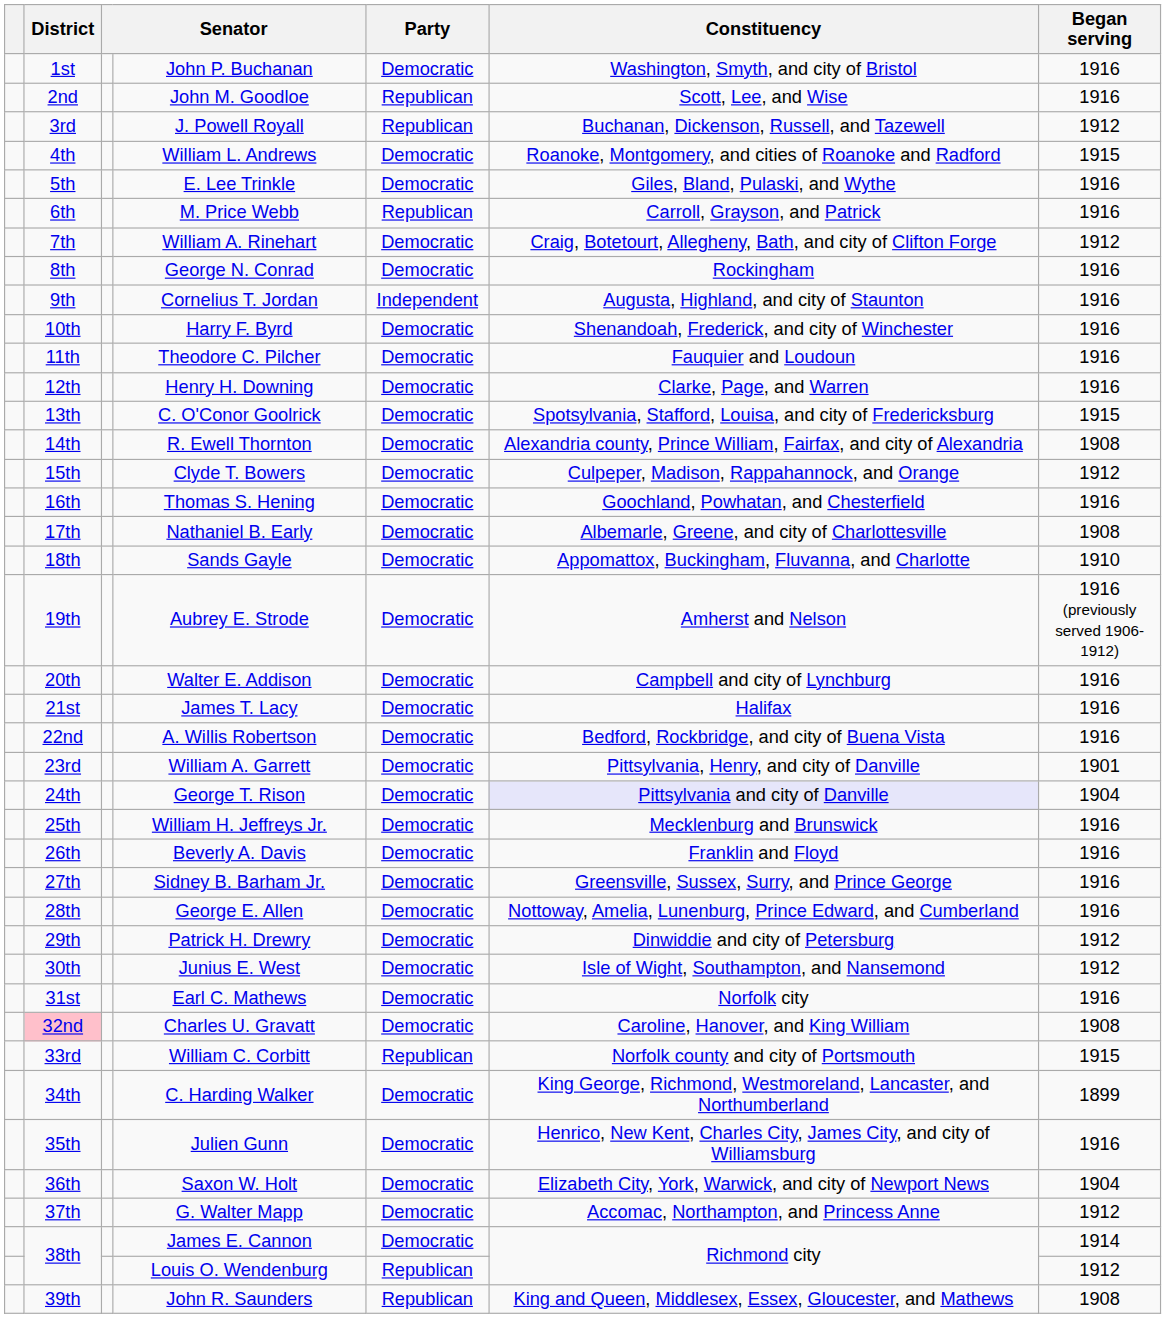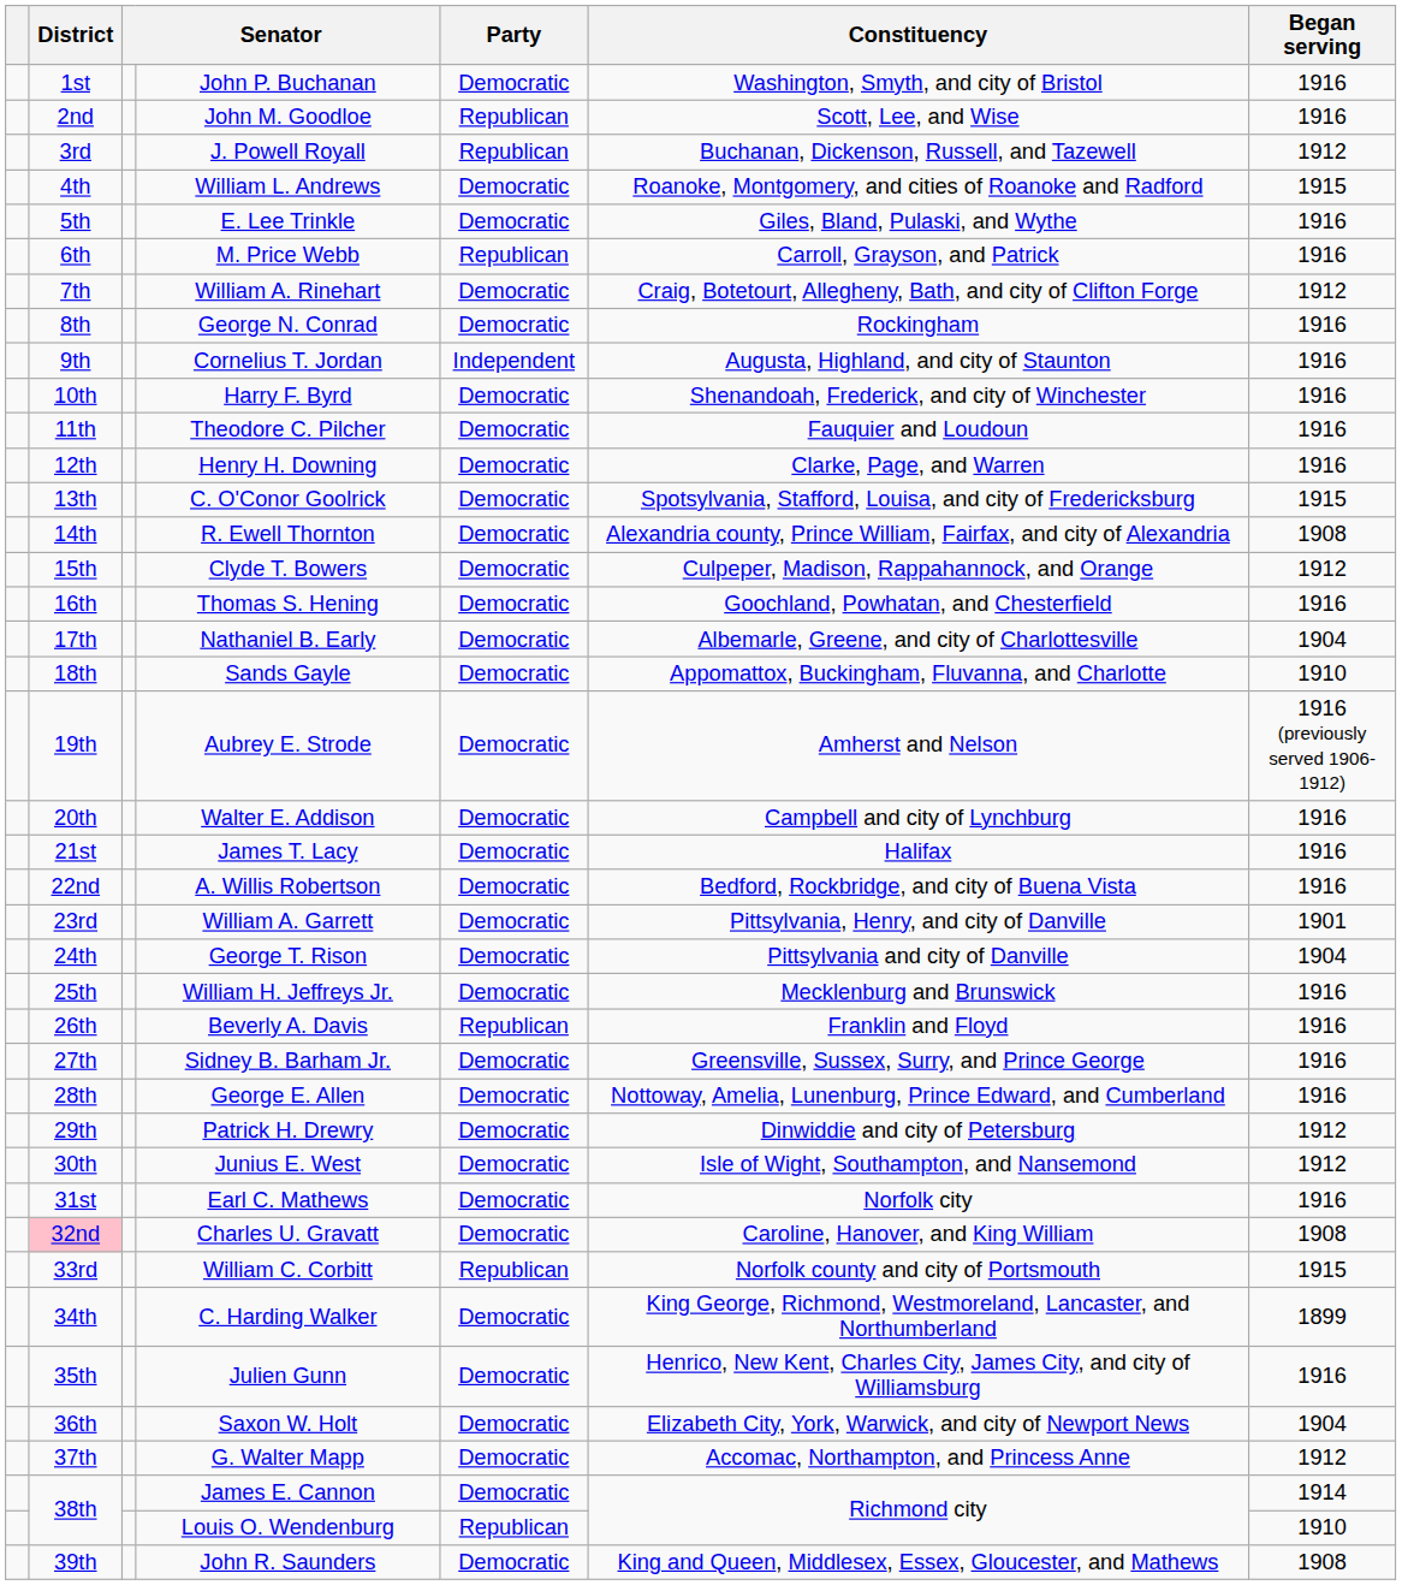 <table class="wikitable" style="text-align:center">
 <tr>
 <th width="10px"></th>
 <th width="60px">District</th>
 <th colspan=2 width="225px">Senator</th>
 <th width="100px">Party</th>
 <th width="475px">Constituency</th>
 <th width="100px">Began serving</th>
 </tr>
 <tr>
 <td style="background-color:"></td>
 <td><a href='#'>1st</a></td>
 <td></td>
 <td><a href='#'>John P. Buchanan</a></td>
 <td><a href='#'>Democratic</a></td>
 <td><a href='#'>Washington</a>, <a href='#'>Smyth</a>, and city of <a href='#'>Bristol</a></td>
 <td>1916</td>
 </tr>
 <tr>
 <td style="background-color:"></td>
 <td><a href='#'>2nd</a></td>
 <td></td>
 <td><a href='#'>John M. Goodloe</a></td>
 <td><a href='#'>Republican</a></td>
 <td><a href='#'>Scott</a>, <a href='#'>Lee</a>, and <a href='#'>Wise</a></td>
 <td>1916</td>
 </tr>
 <tr>
 <td style="background-color:"></td>
 <td><a href='#'>3rd</a></td>
 <td></td>
 <td><a href='#'>J. Powell Royall</a></td>
 <td><a href='#'>Republican</a></td>
 <td><a href='#'>Buchanan</a>, <a href='#'>Dickenson</a>, <a href='#'>Russell</a>, and <a href='#'>Tazewell</a></td>
 <td>1912</td>
 </tr>
 <tr>
 <td style="background-color:"></td>
 <td><a href='#'>4th</a></td>
 <td></td>
 <td><a href='#'>William L. Andrews</a></td>
 <td><a href='#'>Democratic</a></td>
 <td><a href='#'>Roanoke</a>, <a href='#'>Montgomery</a>, and cities of <a href='#'>Roanoke</a> and <a href='#'>Radford</a></td>
 <td>1915</td>
 </tr>
 <tr>
 <td style="background-color:"></td>
 <td><a href='#'>5th</a></td>
 <td></td>
 <td><a href='#'>E. Lee Trinkle</a></td>
 <td><a href='#'>Democratic</a></td>
 <td><a href='#'>Giles</a>, <a href='#'>Bland</a>, <a href='#'>Pulaski</a>, and <a href='#'>Wythe</a></td>
 <td>1916</td>
 </tr>
 <tr>
 <td style="background-color:"></td>
 <td><a href='#'>6th</a></td>
 <td></td>
 <td><a href='#'>M. Price Webb</a></td>
 <td><a href='#'>Republican</a></td>
 <td><a href='#'>Carroll</a>, <a href='#'>Grayson</a>, and <a href='#'>Patrick</a></td>
 <td>1916</td>
 </tr>
 <tr>
 <td style="background-color:"></td>
 <td><a href='#'>7th</a></td>
 <td></td>
 <td><a href='#'>William A. Rinehart</a></td>
 <td><a href='#'>Democratic</a></td>
 <td><a href='#'>Craig</a>, <a href='#'>Botetourt</a>, <a href='#'>Allegheny</a>, <a href='#'>Bath</a>, and city of <a href='#'>Clifton Forge</a></td>
 <td>1912</td>
 </tr>
 <tr>
 <td style="background-color:"></td>
 <td><a href='#'>8th</a></td>
 <td></td>
 <td><a href='#'>George N. Conrad</a></td>
 <td><a href='#'>Democratic</a></td>
 <td><a href='#'>Rockingham</a></td>
 <td>1916</td>
 </tr>
 <tr>
 <td style="background-color:"></td>
 <td><a href='#'>9th</a></td>
 <td></td>
 <td><a href='#'>Cornelius T. Jordan</a></td>
 <td><a href='#'>Independent</a></td>
 <td><a href='#'>Augusta</a>, <a href='#'>Highland</a>, and city of <a href='#'>Staunton</a></td>
 <td>1916</td>
 </tr>
 <tr>
 <td style="background-color:"></td>
 <td><a href='#'>10th</a></td>
 <td></td>
 <td><a href='#'>Harry F. Byrd</a></td>
 <td><a href='#'>Democratic</a></td>
 <td><a href='#'>Shenandoah</a>, <a href='#'>Frederick</a>, and city of <a href='#'>Winchester</a></td>
 <td>1916</td>
 </tr>
 <tr>
 <td style="background-color:"></td>
 <td><a href='#'>11th</a></td>
 <td></td>
 <td><a href='#'>Theodore C. Pilcher</a></td>
 <td><a href='#'>Democratic</a></td>
 <td><a href='#'>Fauquier</a> and <a href='#'>Loudoun</a></td>
 <td>1916</td>
 </tr>
 <tr>
 <td style="background-color:"></td>
 <td><a href='#'>12th</a></td>
 <td></td>
 <td><a href='#'>Henry H. Downing</a></td>
 <td><a href='#'>Democratic</a></td>
 <td><a href='#'>Clarke</a>, <a href='#'>Page</a>, and <a href='#'>Warren</a></td>
 <td>1916</td>
 </tr>
 <tr>
 <td style="background-color:"></td>
 <td><a href='#'>13th</a></td>
 <td></td>
 <td><a href='#'>C. O'Conor Goolrick</a></td>
 <td><a href='#'>Democratic</a></td>
 <td><a href='#'>Spotsylvania</a>, <a href='#'>Stafford</a>, <a href='#'>Louisa</a>, and city of <a href='#'>Fredericksburg</a></td>
 <td>1915</td>
 </tr>
 <tr>
 <td style="background-color:"></td>
 <td><a href='#'>14th</a></td>
 <td></td>
 <td><a href='#'>R. Ewell Thornton</a></td>
 <td><a href='#'>Democratic</a></td>
 <td><a href='#'>Alexandria county</a>, <a href='#'>Prince William</a>, <a href='#'>Fairfax</a>, and city of <a href='#'>Alexandria</a></td>
 <td>1908</td>
 </tr>
 <tr>
 <td style="background-color:"></td>
 <td><a href='#'>15th</a></td>
 <td></td>
 <td><a href='#'>Clyde T. Bowers</a></td>
 <td><a href='#'>Democratic</a></td>
 <td><a href='#'>Culpeper</a>, <a href='#'>Madison</a>, <a href='#'>Rappahannock</a>, and <a href='#'>Orange</a></td>
 <td>1912</td>
 </tr>
 <tr>
 <td style="background-color:"></td>
 <td><a href='#'>16th</a></td>
 <td></td>
 <td><a href='#'>Thomas S. Hening</a></td>
 <td><a href='#'>Democratic</a></td>
 <td><a href='#'>Goochland</a>, <a href='#'>Powhatan</a>, and <a href='#'>Chesterfield</a></td>
 <td>1916</td>
 </tr>
 <tr>
 <td style="background-color:"></td>
 <td><a href='#'>17th</a></td>
 <td></td>
 <td><a href='#'>Nathaniel B. Early</a></td>
 <td><a href='#'>Democratic</a></td>
 <td><a href='#'>Albemarle</a>, <a href='#'>Greene</a>, and city of <a href='#'>Charlottesville</a></td>
-<td>1908</td>
+<td>1904</td>
 </tr>
 <tr>
 <td style="background-color:"></td>
 <td><a href='#'>18th</a></td>
 <td></td>
 <td><a href='#'>Sands Gayle</a></td>
 <td><a href='#'>Democratic</a></td>
 <td><a href='#'>Appomattox</a>, <a href='#'>Buckingham</a>, <a href='#'>Fluvanna</a>, and <a href='#'>Charlotte</a></td>
 <td>1910</td>
 </tr>
 <tr>
 <td style="background-color:"></td>
 <td><a href='#'>19th</a></td>
 <td></td>
 <td><a href='#'>Aubrey E. Strode</a></td>
 <td><a href='#'>Democratic</a></td>
 <td><a href='#'>Amherst</a> and <a href='#'>Nelson</a></td>
 <td>1916<br><small>(previously served 1906-1912)</small></td>
 </tr>
 <tr>
 <td style="background-color:"></td>
 <td><a href='#'>20th</a></td>
 <td></td>
 <td><a href='#'>Walter E. Addison</a></td>
 <td><a href='#'>Democratic</a></td>
 <td><a href='#'>Campbell</a> and city of <a href='#'>Lynchburg</a></td>
 <td>1916</td>
 </tr>
 <tr>
 <td style="background-color:"></td>
 <td><a href='#'>21st</a></td>
 <td></td>
 <td><a href='#'>James T. Lacy</a></td>
 <td><a href='#'>Democratic</a></td>
 <td><a href='#'>Halifax</a></td>
 <td>1916</td>
 </tr>
 <tr>
 <td style="background-color:"></td>
 <td><a href='#'>22nd</a></td>
 <td></td>
 <td><a href='#'>A. Willis Robertson</a></td>
 <td><a href='#'>Democratic</a></td>
 <td><a href='#'>Bedford</a>, <a href='#'>Rockbridge</a>, and city of <a href='#'>Buena Vista</a></td>
 <td>1916</td>
 </tr>
 <tr>
 <td style="background-color:"></td>
 <td><a href='#'>23rd</a></td>
 <td></td>
 <td><a href='#'>William A. Garrett</a></td>
 <td><a href='#'>Democratic</a></td>
 <td><a href='#'>Pittsylvania</a>, <a href='#'>Henry</a>, and city of <a href='#'>Danville</a></td>
 <td>1901</td>
 </tr>
 <tr>
 <td style="background-color:"></td>
 <td><a href='#'>24th</a></td>
 <td></td>
 <td><a href='#'>George T. Rison</a></td>
 <td><a href='#'>Democratic</a></td>
-<td style="background: lavender;"><a href='#'>Pittsylvania</a> and city of <a href='#'>Danville</a></td>
+<td><a href='#'>Pittsylvania</a> and city of <a href='#'>Danville</a></td>
 <td>1904</td>
 </tr>
 <tr>
 <td style="background-color:"></td>
 <td><a href='#'>25th</a></td>
 <td></td>
 <td><a href='#'>William H. Jeffreys Jr.</a></td>
 <td><a href='#'>Democratic</a></td>
 <td><a href='#'>Mecklenburg</a> and <a href='#'>Brunswick</a></td>
 <td>1916</td>
 </tr>
 <tr>
 <td style="background-color:"></td>
 <td><a href='#'>26th</a></td>
 <td></td>
 <td><a href='#'>Beverly A. Davis</a></td>
-<td><a href='#'>Democratic</a></td>
+<td><a href='#'>Republican</a></td>
 <td><a href='#'>Franklin</a> and <a href='#'>Floyd</a></td>
 <td>1916</td>
 </tr>
 <tr>
 <td style="background-color:"></td>
 <td><a href='#'>27th</a></td>
 <td></td>
 <td><a href='#'>Sidney B. Barham Jr.</a></td>
 <td><a href='#'>Democratic</a></td>
 <td><a href='#'>Greensville</a>, <a href='#'>Sussex</a>, <a href='#'>Surry</a>, and <a href='#'>Prince George</a></td>
 <td>1916</td>
 </tr>
 <tr>
 <td style="background-color:"></td>
 <td><a href='#'>28th</a></td>
 <td></td>
 <td><a href='#'>George E. Allen</a></td>
 <td><a href='#'>Democratic</a></td>
 <td><a href='#'>Nottoway</a>, <a href='#'>Amelia</a>, <a href='#'>Lunenburg</a>, <a href='#'>Prince Edward</a>, and <a href='#'>Cumberland</a></td>
 <td>1916</td>
 </tr>
 <tr>
 <td style="background-color:"></td>
 <td><a href='#'>29th</a></td>
 <td></td>
 <td><a href='#'>Patrick H. Drewry</a></td>
 <td><a href='#'>Democratic</a></td>
 <td><a href='#'>Dinwiddie</a> and city of <a href='#'>Petersburg</a></td>
 <td>1912</td>
 </tr>
 <tr>
 <td style="background-color:"></td>
 <td><a href='#'>30th</a></td>
 <td></td>
 <td><a href='#'>Junius E. West</a></td>
 <td><a href='#'>Democratic</a></td>
 <td><a href='#'>Isle of Wight</a>, <a href='#'>Southampton</a>, and <a href='#'>Nansemond</a></td>
 <td>1912</td>
 </tr>
 <tr>
 <td style="background-color:"></td>
 <td><a href='#'>31st</a></td>
 <td></td>
 <td><a href='#'>Earl C. Mathews</a></td>
 <td><a href='#'>Democratic</a></td>
 <td><a href='#'>Norfolk</a> city</td>
 <td>1916</td>
 </tr>
 <tr>
 <td style="background-color:"></td>
 <td style="background: pink;"><a href='#'>32nd</a></td>
 <td></td>
 <td><a href='#'>Charles U. Gravatt</a></td>
 <td><a href='#'>Democratic</a></td>
 <td><a href='#'>Caroline</a>, <a href='#'>Hanover</a>, and <a href='#'>King William</a></td>
 <td>1908</td>
 </tr>
 <tr>
 <td style="background-color:"></td>
 <td><a href='#'>33rd</a></td>
 <td></td>
 <td><a href='#'>William C. Corbitt</a></td>
 <td><a href='#'>Republican</a></td>
 <td><a href='#'>Norfolk county</a> and city of <a href='#'>Portsmouth</a></td>
 <td>1915</td>
 </tr>
 <tr>
 <td style="background-color:"></td>
 <td><a href='#'>34th</a></td>
 <td></td>
 <td><a href='#'>C. Harding Walker</a></td>
 <td><a href='#'>Democratic</a></td>
 <td><a href='#'>King George</a>, <a href='#'>Richmond</a>, <a href='#'>Westmoreland</a>, <a href='#'>Lancaster</a>, and <a href='#'>Northumberland</a></td>
 <td>1899</td>
 </tr>
 <tr>
 <td style="background-color:"></td>
 <td><a href='#'>35th</a></td>
 <td></td>
 <td><a href='#'>Julien Gunn</a></td>
 <td><a href='#'>Democratic</a></td>
 <td><a href='#'>Henrico</a>, <a href='#'>New Kent</a>, <a href='#'>Charles City</a>, <a href='#'>James City</a>, and city of <a href='#'>Williamsburg</a></td>
 <td>1916</td>
 </tr>
 <tr>
 <td style="background-color:"></td>
 <td><a href='#'>36th</a></td>
 <td></td>
 <td><a href='#'>Saxon W. Holt</a></td>
 <td><a href='#'>Democratic</a></td>
 <td><a href='#'>Elizabeth City</a>, <a href='#'>York</a>, <a href='#'>Warwick</a>, and city of <a href='#'>Newport News</a></td>
 <td>1904</td>
 </tr>
 <tr>
 <td style="background-color:"></td>
 <td><a href='#'>37th</a></td>
 <td></td>
 <td><a href='#'>G. Walter Mapp</a></td>
 <td><a href='#'>Democratic</a></td>
 <td><a href='#'>Accomac</a>, <a href='#'>Northampton</a>, and <a href='#'>Princess Anne</a></td>
 <td>1912</td>
 </tr>
 <tr>
 <td style="background-color:"></td>
 <td rowspan="2"><a href='#'>38th</a></td>
 <td></td>
 <td><a href='#'>James E. Cannon</a></td>
 <td><a href='#'>Democratic</a></td>
 <td rowspan="2"><a href='#'>Richmond</a> city</td>
 <td>1914</td>
 </tr>
 <tr>
 <td style="background-color:"></td>
 <td></td>
 <td><a href='#'>Louis O. Wendenburg</a></td>
 <td><a href='#'>Republican</a></td>
-<td>1912</td>
+<td>1910</td>
 </tr>
 <tr>
 <td style="background-color:"></td>
 <td><a href='#'>39th</a></td>
 <td></td>
 <td><a href='#'>John R. Saunders</a></td>
-<td><a href='#'>Republican</a></td>
+<td><a href='#'>Democratic</a></td>
 <td><a href='#'>King and Queen</a>, <a href='#'>Middlesex</a>, <a href='#'>Essex</a>, <a href='#'>Gloucester</a>, and <a href='#'>Mathews</a></td>
 <td>1908</td>
 </tr>
 </table>
